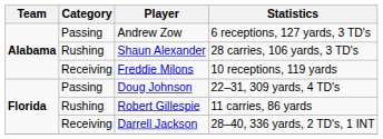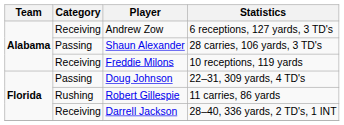 <table class="wikitable" style="float: right;">
 <tr>
 <th>Team</th>
 <th>Category</th>
 <th>Player</th>
 <th>Statistics</th>
 </tr>
 <tr>
 <td rowspan=3><strong>Alabama</strong></td>
-<td>Passing</td>
+<td>Receiving</td>
 <td>Andrew Zow</td>
 <td>6 receptions, 127 yards, 3 TD's</td>
 </tr>
 <tr>
-<td>Rushing</td>
+<td>Passing</td>
 <td><a href='#'>Shaun Alexander</a></td>
 <td>28 carries, 106 yards, 3 TD's</td>
 </tr>
 <tr>
 <td>Receiving</td>
 <td><a href='#'>Freddie Milons</a></td>
 <td>10 receptions, 119 yards</td>
 </tr>
 <tr>
 <td rowspan=3><strong>Florida</strong></td>
 <td>Passing</td>
 <td><a href='#'>Doug Johnson</a></td>
 <td>22–31, 309 yards, 4 TD's</td>
 </tr>
 <tr>
 <td>Rushing</td>
 <td><a href='#'>Robert Gillespie</a></td>
 <td>11 carries, 86 yards</td>
 </tr>
 <tr>
 <td>Receiving</td>
 <td><a href='#'>Darrell Jackson</a></td>
 <td>28–40, 336 yards, 2 TD's, 1 INT</td>
 </tr>
 <tr>
 </tr>
 </table>
